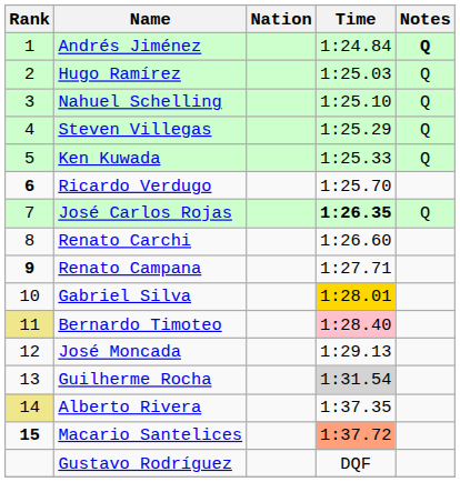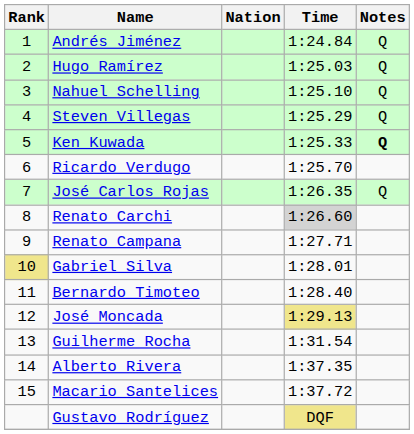 <table class="wikitable" style="text-align:center">
 <tr>
 <th>Rank</th>
 <th>Name</th>
 <th>Nation</th>
 <th>Time</th>
 <th>Notes</th>
 </tr>
 <tr bgcolor=ccffcc>
 <td>1</td>
 <td align=left><a href='#'>Andrés Jiménez</a></td>
 <td align=left></td>
 <td>1:24.84</td>
-<td><strong>Q</strong></td>
+<td>Q</td>
 </tr>
 <tr bgcolor=ccffcc>
 <td>2</td>
 <td align=left><a href='#'>Hugo Ramírez</a></td>
 <td align=left></td>
 <td>1:25.03</td>
 <td>Q</td>
 </tr>
 <tr bgcolor=ccffcc>
 <td>3</td>
 <td align=left><a href='#'>Nahuel Schelling</a></td>
 <td align=left></td>
 <td>1:25.10</td>
 <td>Q</td>
 </tr>
 <tr bgcolor=ccffcc>
 <td>4</td>
 <td align=left><a href='#'>Steven Villegas</a></td>
 <td align=left></td>
 <td>1:25.29</td>
 <td>Q</td>
 </tr>
 <tr bgcolor=ccffcc>
 <td>5</td>
 <td align=left><a href='#'>Ken Kuwada</a></td>
 <td align=left></td>
 <td>1:25.33</td>
-<td>Q</td>
+<td><strong>Q</strong></td>
 </tr>
 <tr>
-<td><strong>6</strong></td>
+<td>6</td>
 <td align=left><a href='#'>Ricardo Verdugo</a></td>
 <td align=left></td>
 <td>1:25.70</td>
 <td></td>
 </tr>
 <tr bgcolor=ccffcc>
 <td>7</td>
 <td align=left><a href='#'>José Carlos Rojas</a></td>
 <td align=left></td>
-<td><strong>1:26.35</strong></td>
+<td>1:26.35</td>
 <td>Q</td>
 </tr>
 <tr>
 <td>8</td>
 <td align=left><a href='#'>Renato Carchi</a></td>
 <td align=left></td>
-<td>1:26.60</td>
+<td style="background: lightgrey;">1:26.60</td>
 <td></td>
 </tr>
 <tr>
-<td><strong>9</strong></td>
+<td>9</td>
 <td align=left><a href='#'>Renato Campana</a></td>
 <td align=left></td>
 <td>1:27.71</td>
 <td></td>
 </tr>
 <tr>
-<td>10</td>
+<td style="background: khaki;">10</td>
 <td align=left><a href='#'>Gabriel Silva</a></td>
 <td align=left></td>
-<td style="background: gold;">1:28.01</td>
+<td>1:28.01</td>
 <td></td>
 </tr>
 <tr>
-<td style="background: khaki;">11</td>
+<td>11</td>
 <td align=left><a href='#'>Bernardo Timoteo</a></td>
 <td align=left></td>
-<td style="background: pink;">1:28.40</td>
+<td>1:28.40</td>
 <td></td>
 </tr>
 <tr>
 <td>12</td>
 <td align=left><a href='#'>José Moncada</a></td>
 <td align=left></td>
-<td>1:29.13</td>
+<td style="background: khaki;">1:29.13</td>
 <td></td>
 </tr>
 <tr>
 <td>13</td>
 <td align=left><a href='#'>Guilherme Rocha</a></td>
 <td align=left></td>
-<td style="background: lightgrey;">1:31.54</td>
+<td>1:31.54</td>
 <td></td>
 </tr>
 <tr>
-<td style="background: khaki;">14</td>
+<td>14</td>
 <td align=left><a href='#'>Alberto Rivera</a></td>
 <td align=left></td>
 <td>1:37.35</td>
 <td></td>
 </tr>
 <tr>
-<td><strong>15</strong></td>
+<td>15</td>
 <td align=left><a href='#'>Macario Santelices</a></td>
 <td align=left></td>
-<td style="background: lightsalmon;">1:37.72</td>
+<td>1:37.72</td>
 <td></td>
 </tr>
 <tr>
 <td></td>
 <td align=left><a href='#'>Gustavo Rodríguez</a></td>
 <td align=left></td>
-<td>DQF</td>
+<td style="background: khaki;">DQF</td>
 <td></td>
 </tr>
 <tr>
 </tr>
 </table>
